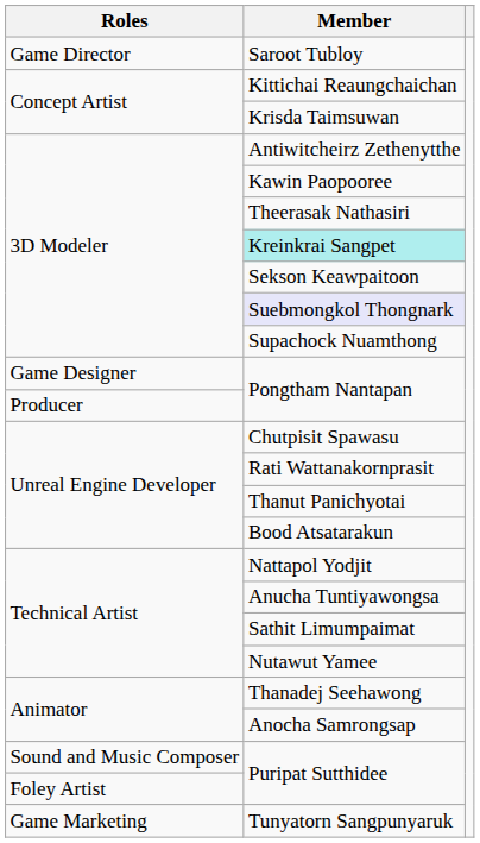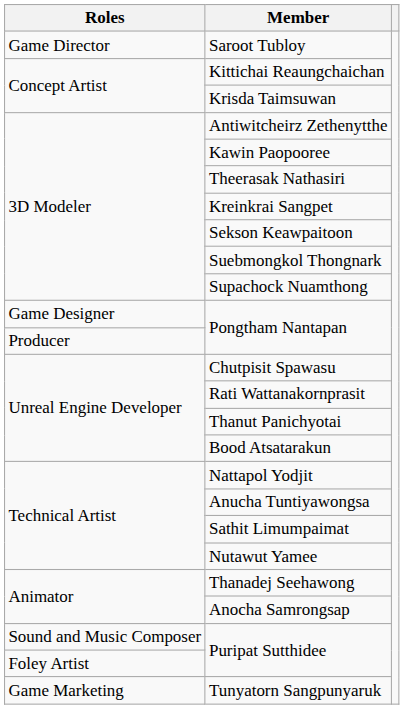 <table class="wikitable">
 <tr>
 <th>Roles</th>
 <th>Member</th>
 <th></th>
 </tr>
 <tr>
 <td>Game Director</td>
 <td>Saroot Tubloy</td>
 <td rowspan="25"></td>
 </tr>
 <tr>
 <td rowspan="2">Concept Artist</td>
 <td>Kittichai Reaungchaichan</td>
 </tr>
 <tr>
 <td>Krisda Taimsuwan</td>
 </tr>
 <tr>
 <td rowspan="7">3D Modeler</td>
 <td>Antiwitcheirz Zethenytthe</td>
 </tr>
 <tr>
 <td>Kawin Paopooree</td>
 </tr>
 <tr>
 <td>Theerasak Nathasiri</td>
 </tr>
 <tr>
-<td style="background: paleturquoise;">Kreinkrai Sangpet</td>
+<td>Kreinkrai Sangpet</td>
 </tr>
 <tr>
 <td>Sekson Keawpaitoon</td>
 </tr>
 <tr>
-<td style="background: lavender;">Suebmongkol Thongnark</td>
+<td>Suebmongkol Thongnark</td>
 </tr>
 <tr>
 <td>Supachock Nuamthong</td>
 </tr>
 <tr>
 <td>Game Designer</td>
 <td rowspan="2">Pongtham Nantapan</td>
 </tr>
 <tr>
 <td>Producer</td>
 </tr>
 <tr>
 <td rowspan="4">Unreal Engine Developer</td>
 <td>Chutpisit Spawasu</td>
 </tr>
 <tr>
 <td>Rati Wattanakornprasit</td>
 </tr>
 <tr>
 <td>Thanut Panichyotai</td>
 </tr>
 <tr>
 <td>Bood Atsatarakun</td>
 </tr>
 <tr>
 <td rowspan="4">Technical Artist</td>
 <td>Nattapol Yodjit</td>
 </tr>
 <tr>
 <td>Anucha Tuntiyawongsa</td>
 </tr>
 <tr>
 <td>Sathit Limumpaimat</td>
 </tr>
 <tr>
 <td>Nutawut Yamee</td>
 </tr>
 <tr>
 <td rowspan="2">Animator</td>
 <td>Thanadej Seehawong</td>
 </tr>
 <tr>
 <td>Anocha Samrongsap</td>
 </tr>
 <tr>
 <td>Sound and Music Composer</td>
 <td rowspan="2">Puripat Sutthidee</td>
 </tr>
 <tr>
 <td>Foley Artist</td>
 </tr>
 <tr>
 <td>Game Marketing</td>
 <td>Tunyatorn Sangpunyaruk</td>
 </tr>
 </table>
